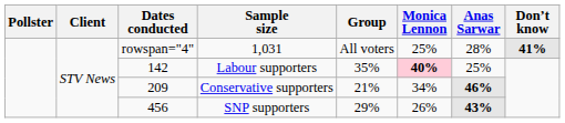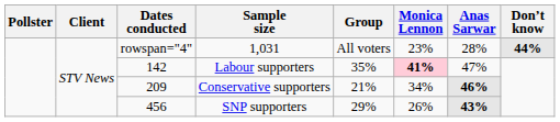 <table class="wikitable sortable mw-datatable" style="text-align:center;font-size:90%;line-height:14px;">
 <tr>
 <th>Pollster</th>
 <th>Client</th>
 <th>Dates<br>conducted</th>
 <th data-sort-type="number">Sample<br>size</th>
 <th>Group</th>
 <th style="width:50px;"><a href='#'>Monica<br>Lennon</a></th>
 <th style="width:50px;"><a href='#'>Anas<br>Sarwar</a></th>
 <th style="width:50px;">Don’t<br>know</th>
 </tr>
 <tr>
 <td rowspan="4"> </td>
 <td rowspan="4"><em>STV News</em></td>
 <td>rowspan="4" </td>
 <td>1,031</td>
 <td>All voters</td>
-<td>25%</td>
+<td>23%</td>
 <td>28%</td>
-<td style="background:#E6E6E6;"><strong>41%</strong></td>
+<td style="background:#E6E6E6;"><strong>44%</strong></td>
 </tr>
 <tr>
 <td>142</td>
 <td><a href='#'>Labour</a> supporters</td>
 <td>35%</td>
-<td style="background:#FFCCD9;"><strong>40%</strong></td>
-<td>25%</td>
+<td style="background:#FFCCD9;"><strong>41%</strong></td>
+<td>47%</td>
 </tr>
 <tr>
 <td>209</td>
 <td><a href='#'>Conservative</a> supporters</td>
 <td>21%</td>
 <td>34%</td>
 <td style="background:#E6E6E6;"><strong>46%</strong></td>
 </tr>
 <tr>
 <td>456</td>
 <td><a href='#'>SNP</a> supporters</td>
 <td>29%</td>
 <td>26%</td>
 <td style="background:#E6E6E6;"><strong>43%</strong></td>
 </tr>
 </table>
